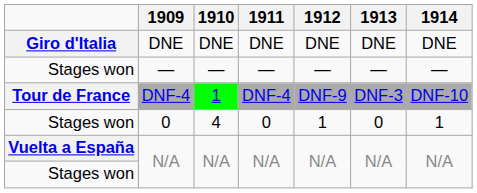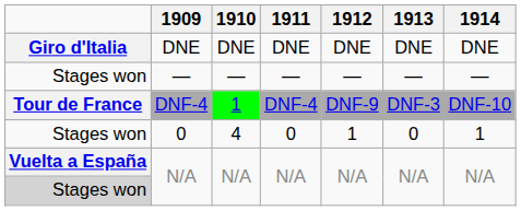 <table class="wikitable">
 <tr>
 <td></td>
 <th scope="col">1909</th>
 <th scope="col">1910</th>
 <th scope="col">1911</th>
 <th scope="col">1912</th>
 <th scope="col">1913</th>
 <th scope="col">1914</th>
 </tr>
 <tr>
 <th><a href='#'>Giro d'Italia</a></th>
 <td align="center">DNE</td>
 <td align="center">DNE</td>
 <td align="center">DNE</td>
 <td align="center">DNE</td>
 <td align="center">DNE</td>
 <td align="center">DNE</td>
 </tr>
 <tr>
 <td align="right">Stages won</td>
 <td align="center">—</td>
 <td align="center">—</td>
 <td align="center">—</td>
 <td align="center">—</td>
 <td align="center">—</td>
 <td align="center">—</td>
 </tr>
 <tr>
 <th><a href='#'>Tour de France</a></th>
 <td align="center" style="background:#AAAAAA;"><a href='#'>DNF-4</a></td>
 <td align="center" style="background:#00ff00;"><a href='#'>1</a></td>
 <td align="center" style="background:#AAAAAA;"><a href='#'>DNF-4</a></td>
 <td align="center" style="background:#AAAAAA;"><a href='#'>DNF-9</a></td>
 <td align="center" style="background:#AAAAAA;"><a href='#'>DNF-3</a></td>
 <td align="center" style="background:#AAAAAA;"><a href='#'>DNF-10</a></td>
 </tr>
 <tr>
 <td align="right">Stages won</td>
 <td align="center">0</td>
 <td align="center">4</td>
 <td align="center">0</td>
 <td align="center">1</td>
 <td align="center">0</td>
 <td align="center">1</td>
 </tr>
 <tr>
 <th><a href='#'>Vuelta a España</a></th>
 <td rowspan=2 align="center" style="color:#888888;">N/A</td>
 <td rowspan=2 align="center" style="color:#888888;">N/A</td>
 <td rowspan=2 align="center" style="color:#888888;">N/A</td>
 <td rowspan=2 align="center" style="color:#888888;">N/A</td>
 <td rowspan=2 align="center" style="color:#888888;">N/A</td>
 <td rowspan=2 align="center" style="color:#888888;">N/A</td>
 </tr>
 <tr>
-<td align="right">Stages won</td>
+<td align="right" style="background: lightgrey;">Stages won</td>
 </tr>
 </table>
